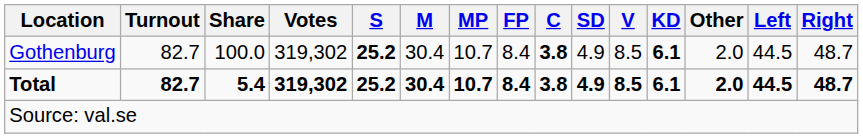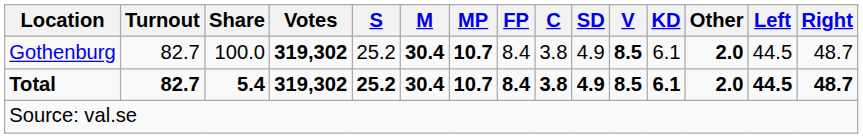 <table class="wikitable sortable" style=text-align:right>
 <tr>
 <th>Location</th>
 <th>Turnout</th>
 <th>Share</th>
 <th>Votes</th>
 <th><a href='#'>S</a></th>
 <th><a href='#'>M</a></th>
 <th><a href='#'>MP</a></th>
 <th><a href='#'>FP</a></th>
 <th><a href='#'>C</a></th>
 <th><a href='#'>SD</a></th>
 <th><a href='#'>V</a></th>
 <th><a href='#'>KD</a></th>
 <th>Other</th>
 <th><a href='#'>Left</a></th>
 <th><a href='#'>Right</a></th>
 </tr>
 <tr>
 <td align=left><a href='#'>Gothenburg</a></td>
 <td>82.7</td>
 <td>100.0</td>
-<td>319,302</td>
-<td><strong>25.2</strong></td>
-<td>30.4</td>
-<td>10.7</td>
+<td><strong>319,302</strong></td>
+<td>25.2</td>
+<td><strong>30.4</strong></td>
+<td><strong>10.7</strong></td>
 <td>8.4</td>
-<td><strong>3.8</strong></td>
+<td>3.8</td>
 <td>4.9</td>
-<td>8.5</td>
-<td><strong>6.1</strong></td>
-<td>2.0</td>
+<td><strong>8.5</strong></td>
+<td>6.1</td>
+<td><strong>2.0</strong></td>
 <td>44.5</td>
 <td>48.7</td>
 </tr>
 <tr>
 <td align=left><strong>Total</strong></td>
 <td><strong>82.7</strong></td>
 <td><strong>5.4</strong></td>
 <td><strong>319,302</strong></td>
 <td><strong>25.2</strong></td>
 <td><strong>30.4</strong></td>
 <td><strong>10.7</strong></td>
 <td><strong>8.4</strong></td>
 <td><strong>3.8</strong></td>
 <td><strong>4.9</strong></td>
 <td><strong>8.5</strong></td>
 <td><strong>6.1</strong></td>
 <td><strong>2.0</strong></td>
 <td><strong>44.5</strong></td>
 <td><strong>48.7</strong></td>
 </tr>
 <tr>
 <td align=left colspan=15>Source: val.se </td>
 </tr>
 </table>
